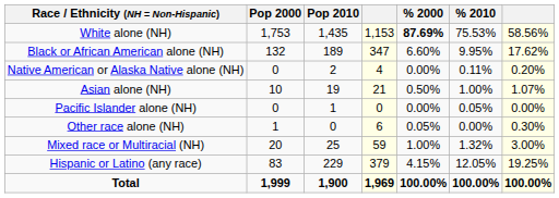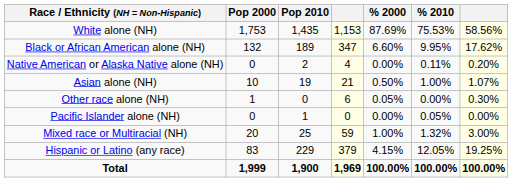 <table class="wikitable" style="text-align:center;">
 <tr>
 <th>Race / Ethnicity <small>(<em>NH = Non-Hispanic</em>)</small></th>
 <th>Pop 2000</th>
 <th>Pop 2010</th>
 <th></th>
 <th>% 2000</th>
 <th>% 2010</th>
 <th></th>
 </tr>
 <tr>
 <td><a href='#'>White</a> alone (NH)</td>
 <td>1,753</td>
 <td>1,435</td>
 <td style='background: #ffffe6;'>1,153</td>
-<td><strong>87.69%</strong></td>
+<td>87.69%</td>
 <td>75.53%</td>
 <td style='background: #ffffe6;'>58.56%</td>
 </tr>
 <tr>
 <td><a href='#'>Black or African American</a> alone (NH)</td>
 <td>132</td>
 <td>189</td>
 <td style='background: #ffffe6;'>347</td>
 <td>6.60%</td>
 <td>9.95%</td>
 <td style='background: #ffffe6;'>17.62%</td>
 </tr>
 <tr>
 <td><a href='#'>Native American</a> or <a href='#'>Alaska Native</a> alone (NH)</td>
 <td>0</td>
 <td>2</td>
 <td style='background: #ffffe6;'>4</td>
 <td>0.00%</td>
 <td>0.11%</td>
 <td style='background: #ffffe6;'>0.20%</td>
 </tr>
 <tr>
 <td><a href='#'>Asian</a> alone (NH)</td>
 <td>10</td>
 <td>19</td>
 <td style='background: #ffffe6;'>21</td>
 <td>0.50%</td>
 <td>1.00%</td>
 <td style='background: #ffffe6;'>1.07%</td>
 </tr>
 <tr>
+<td><a href='#'>Other race</a> alone (NH)</td>
+<td>1</td>
+<td>0</td>
+<td style='background: #ffffe6;'>6</td>
+<td>0.05%</td>
+<td>0.00%</td>
+<td style='background: #ffffe6;'>0.30%</td>
+</tr>
+<tr>
 <td><a href='#'>Pacific Islander</a> alone (NH)</td>
 <td>0</td>
 <td>1</td>
 <td style='background: #ffffe6;'>0</td>
 <td>0.00%</td>
 <td>0.05%</td>
 <td style='background: #ffffe6;'>0.00%</td>
-</tr>
-<tr>
-<td><a href='#'>Other race</a> alone (NH)</td>
-<td>1</td>
-<td>0</td>
-<td style='background: #ffffe6;'>6</td>
-<td>0.05%</td>
-<td>0.00%</td>
-<td style='background: #ffffe6;'>0.30%</td>
 </tr>
 <tr>
 <td><a href='#'>Mixed race or Multiracial</a> (NH)</td>
 <td>20</td>
 <td>25</td>
 <td style='background: #ffffe6;'>59</td>
 <td>1.00%</td>
 <td>1.32%</td>
 <td style='background: #ffffe6;'>3.00%</td>
 </tr>
 <tr>
 <td><a href='#'>Hispanic or Latino</a> (any race)</td>
 <td>83</td>
 <td>229</td>
 <td style='background: #ffffe6;'>379</td>
 <td>4.15%</td>
 <td>12.05%</td>
 <td style='background: #ffffe6;'>19.25%</td>
 </tr>
 <tr>
 <td><strong>Total</strong></td>
 <td><strong>1,999</strong></td>
 <td><strong>1,900</strong></td>
 <td style='background: #ffffe6;'><strong>1,969</strong></td>
 <td><strong>100.00%</strong></td>
 <td><strong>100.00%</strong></td>
 <td style='background: #ffffe6;'><strong>100.00%</strong></td>
 </tr>
 </table>
